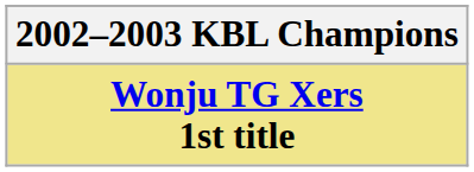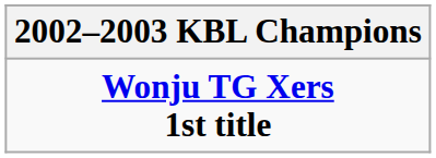 <table class=wikitable style="text-align:center; margin:auto">
 <tr>
 <th>2002–2003 KBL Champions</th>
 </tr>
 <tr>
-<td style="background: khaki;"><strong><a href='#'>Wonju TG Xers</a></strong><br><strong>1st title</strong></td>
+<td><strong><a href='#'>Wonju TG Xers</a></strong><br><strong>1st title</strong></td>
 </tr>
 </table>
